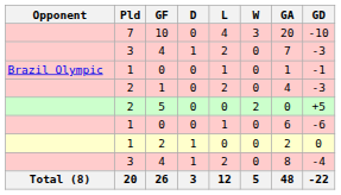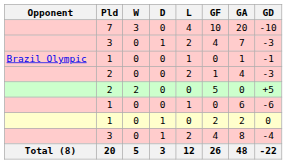 <table class="wikitable sortable" style="text-align: center">
 <tr>
 <th width=120>Opponent<br></th>
 <th width=30>Pld<br></th>
-<th width=30>GF<br></th>
+<th width=30>W<br></th>
 <th width=30>D<br></th>
 <th width=30>L<br></th>
-<th width=30>W<br></th>
+<th width=30>GF<br></th>
 <th width=30>GA<br></th>
 <th width=30>GD<br></th>
 </tr>
 <tr style="background-color:#FFCCCC">
 <td style="text-align:left;"></td>
 <td>7</td>
-<td>10</td>
+<td>3</td>
 <td>0</td>
 <td>4</td>
-<td>3</td>
+<td>10</td>
 <td>20</td>
 <td>-10</td>
 </tr>
 <tr style="background-color:#FFCCCC">
 <td style="text-align:left;"></td>
 <td>3</td>
-<td>4</td>
+<td>0</td>
 <td>1</td>
 <td>2</td>
-<td>0</td>
+<td>4</td>
 <td>7</td>
 <td>-3</td>
 </tr>
 <tr style="background-color:#FFCCCC">
 <td style="text-align:left;"> <a href='#'>Brazil Olympic</a></td>
 <td>1</td>
 <td>0</td>
 <td>0</td>
 <td>1</td>
 <td>0</td>
 <td>1</td>
 <td>-1</td>
 </tr>
 <tr style="background-color:#FFCCCC">
 <td style="text-align:left;"></td>
 <td>2</td>
-<td>1</td>
+<td>0</td>
 <td>0</td>
 <td>2</td>
-<td>0</td>
+<td>1</td>
 <td>4</td>
 <td>-3</td>
 </tr>
 <tr style="background-color:#CCFFCC">
 <td style="text-align:left;"></td>
 <td>2</td>
-<td>5</td>
+<td>2</td>
 <td>0</td>
 <td>0</td>
-<td>2</td>
+<td>5</td>
 <td>0</td>
 <td>+5</td>
 </tr>
 <tr style="background-color:#FFCCCC">
 <td style="text-align:left;"></td>
 <td>1</td>
 <td>0</td>
 <td>0</td>
 <td>1</td>
 <td>0</td>
 <td>6</td>
 <td>-6</td>
 </tr>
 <tr style="background-color:#FFFFCC">
 <td style="text-align:left;"></td>
 <td>1</td>
-<td>2</td>
+<td>0</td>
 <td>1</td>
 <td>0</td>
-<td>0</td>
+<td>2</td>
 <td>2</td>
 <td>0</td>
 </tr>
 <tr style="background-color:#FFCCCC">
 <td style="text-align:left;"></td>
 <td>3</td>
-<td>4</td>
+<td>0</td>
 <td>1</td>
 <td>2</td>
-<td>0</td>
+<td>4</td>
 <td>8</td>
 <td>-4</td>
 </tr>
 <tr>
 <th>Total (8)</th>
 <th>20</th>
-<th>26</th>
+<th>5</th>
 <th>3</th>
 <th>12</th>
-<th>5</th>
+<th>26</th>
 <th>48</th>
 <th>-22</th>
 </tr>
 </table>
